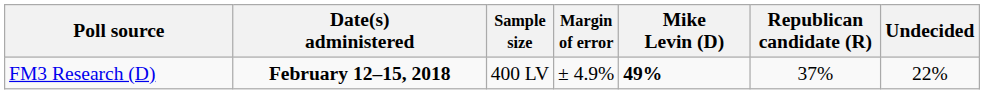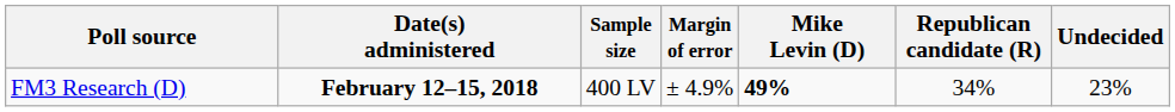 <table class="wikitable">
 <tr style="verttical-align:bottom">
 <th style="width:180px;">Poll source</th>
 <th style="width:200px;">Date(s)<br>administered</th>
 <th><small>Sample<br>size</small></th>
 <th><small>Margin<br>of error</small></th>
 <th style="width:100px;">Mike<br>Levin (D)</th>
 <th style="width:100px;">Republican<br>candidate (R)</th>
 <th>Undecided</th>
 </tr>
 <tr>
 <td><a href='#'>FM3 Research (D)</a></td>
 <td style="text-align:center"><strong>February 12–15, 2018</strong></td>
 <td style="text-align:center">400 LV</td>
 <td style="text-align:center">± 4.9%</td>
 <td style="background-color:"><strong>49%</strong></td>
-<td style="text-align:center">37%</td>
-<td style="text-align:center">22%</td>
+<td style="text-align:center">34%</td>
+<td style="text-align:center">23%</td>
 </tr>
 </table>
